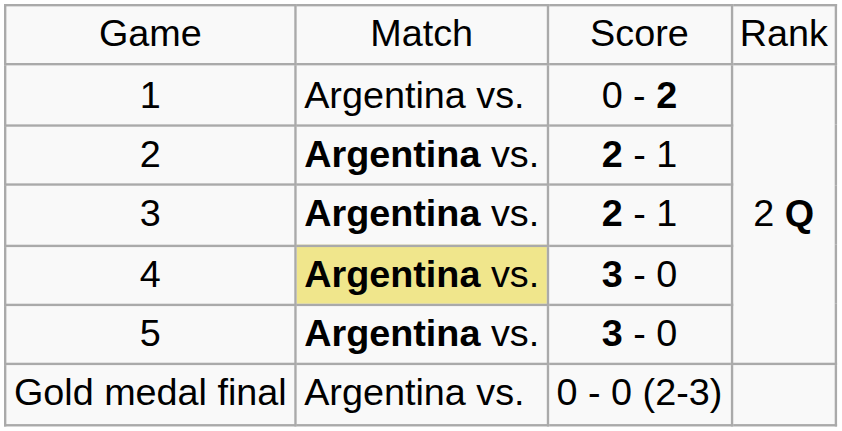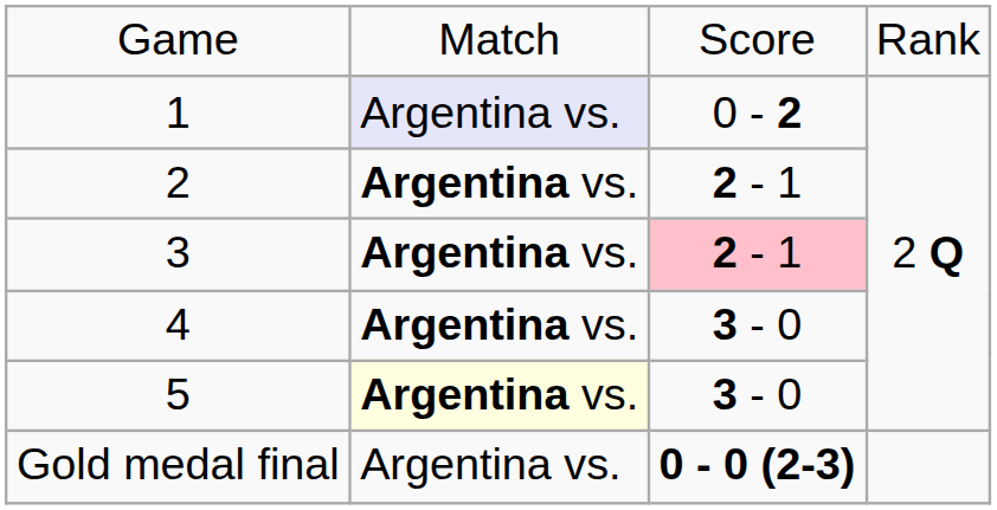 <table class="wikitable">
 <tr>
 <td style="text-align:center;">Game</td>
 <td style="text-align:center;">Match</td>
 <td style="text-align:center;">Score</td>
 <td style="text-align:center;">Rank</td>
 </tr>
 <tr>
 <td style="text-align:center;">1</td>
-<td>Argentina vs. <strong></strong></td>
+<td style="background: lavender;">Argentina vs. <strong></strong></td>
 <td style="text-align:center;">0 - <strong>2</strong></td>
 <td rowspan="5" style="text-align:center;">2 <strong>Q</strong></td>
 </tr>
 <tr>
 <td style="text-align:center;">2</td>
 <td><strong>Argentina</strong> vs. </td>
 <td style="text-align:center;"><strong>2</strong> - 1</td>
 </tr>
 <tr>
 <td style="text-align:center;">3</td>
 <td><strong>Argentina</strong> vs. </td>
-<td style="text-align:center;"><strong>2</strong> - 1</td>
+<td style="background: pink; text-align:center;"><strong>2</strong> - 1</td>
 </tr>
 <tr>
 <td style="text-align:center;">4</td>
-<td style="background: khaki;"><strong>Argentina</strong> vs. </td>
+<td><strong>Argentina</strong> vs. </td>
 <td style="text-align:center;"><strong>3</strong> - 0</td>
 </tr>
 <tr>
 <td style="text-align:center;">5</td>
-<td><strong>Argentina</strong> vs. </td>
+<td style="background: lightyellow;"><strong>Argentina</strong> vs. </td>
 <td style="text-align:center;"><strong>3</strong> - 0</td>
 </tr>
 <tr>
 <td style="text-align:center;">Gold medal final</td>
 <td>Argentina vs. <strong></strong></td>
-<td style="text-align:center;">0 - 0 (2-3)</td>
+<td style="text-align:center;"><strong>0 - 0 (2-3)</strong></td>
 <td style="text-align:center;"></td>
 </tr>
 </table>
